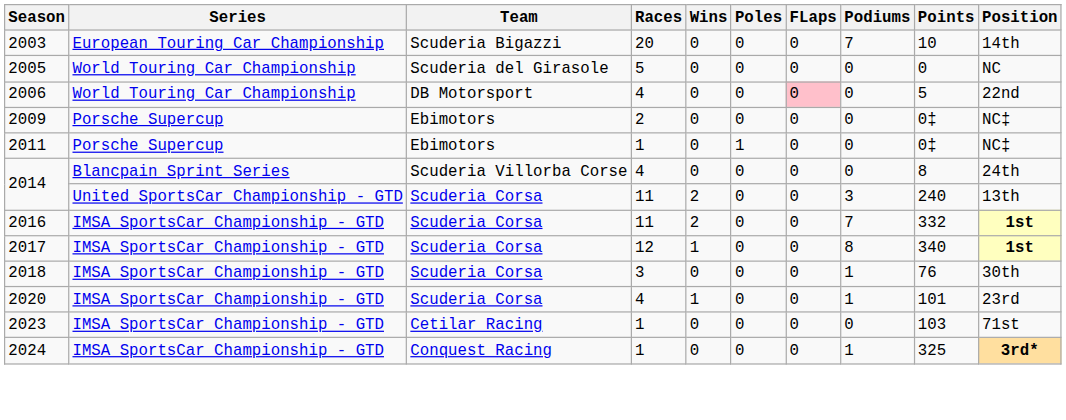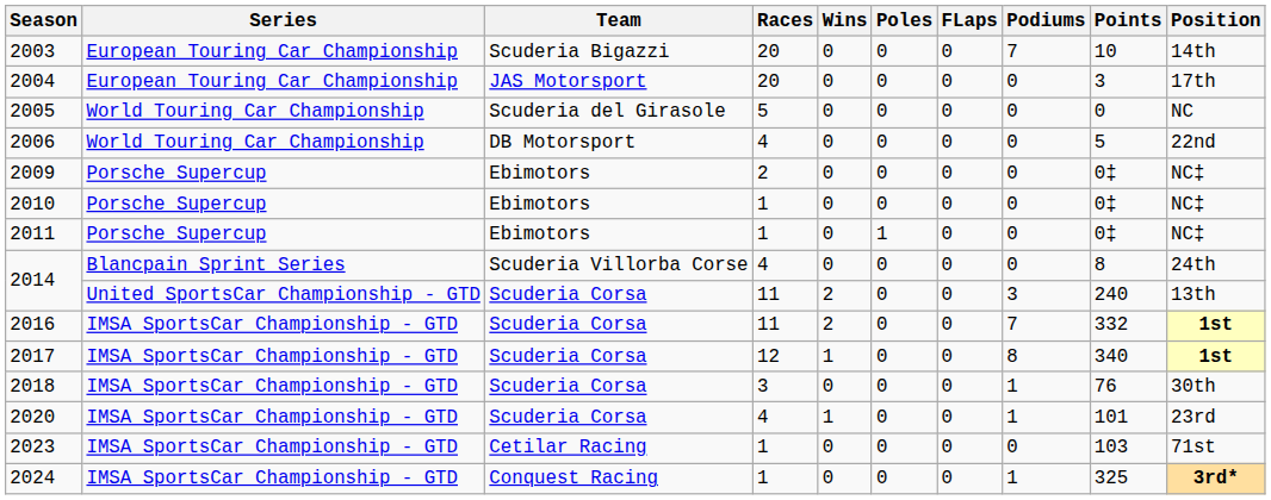 <table class="wikitable">
 <tr>
 <th>Season</th>
 <th>Series</th>
 <th>Team</th>
 <th>Races</th>
 <th>Wins</th>
 <th>Poles</th>
 <th>FLaps</th>
 <th>Podiums</th>
 <th>Points</th>
 <th>Position</th>
 </tr>
 <tr>
 <td>2003</td>
 <td><a href='#'>European Touring Car Championship</a></td>
 <td>Scuderia Bigazzi</td>
 <td>20</td>
 <td>0</td>
 <td>0</td>
 <td>0</td>
 <td>7</td>
 <td>10</td>
 <td>14th</td>
 </tr>
 <tr>
+<td>2004</td>
+<td><a href='#'>European Touring Car Championship</a></td>
+<td><a href='#'>JAS Motorsport</a></td>
+<td>20</td>
+<td>0</td>
+<td>0</td>
+<td>0</td>
+<td>0</td>
+<td>3</td>
+<td>17th</td>
+</tr>
+<tr>
 <td>2005</td>
 <td><a href='#'>World Touring Car Championship</a></td>
 <td>Scuderia del Girasole</td>
 <td>5</td>
 <td>0</td>
 <td>0</td>
 <td>0</td>
 <td>0</td>
 <td>0</td>
 <td>NC</td>
 </tr>
 <tr>
 <td>2006</td>
 <td><a href='#'>World Touring Car Championship</a></td>
 <td>DB Motorsport</td>
 <td>4</td>
 <td>0</td>
 <td>0</td>
-<td style="background: pink;">0</td>
+<td>0</td>
 <td>0</td>
 <td>5</td>
 <td>22nd</td>
 </tr>
 <tr>
 <td>2009</td>
 <td><a href='#'>Porsche Supercup</a></td>
 <td>Ebimotors</td>
 <td>2</td>
+<td>0</td>
+<td>0</td>
+<td>0</td>
+<td>0</td>
+<td>0‡</td>
+<td>NC‡</td>
+</tr>
+<tr>
+<td>2010</td>
+<td><a href='#'>Porsche Supercup</a></td>
+<td>Ebimotors</td>
+<td>1</td>
 <td>0</td>
 <td>0</td>
 <td>0</td>
 <td>0</td>
 <td>0‡</td>
 <td>NC‡</td>
 </tr>
 <tr>
 <td>2011</td>
 <td><a href='#'>Porsche Supercup</a></td>
 <td>Ebimotors</td>
 <td>1</td>
 <td>0</td>
 <td>1</td>
 <td>0</td>
 <td>0</td>
 <td>0‡</td>
 <td>NC‡</td>
 </tr>
 <tr>
 <td rowspan="2">2014</td>
 <td><a href='#'>Blancpain Sprint Series</a></td>
 <td>Scuderia Villorba Corse</td>
 <td>4</td>
 <td>0</td>
 <td>0</td>
 <td>0</td>
 <td>0</td>
 <td>8</td>
 <td>24th</td>
 </tr>
 <tr>
 <td><a href='#'>United SportsCar Championship - GTD</a></td>
 <td><a href='#'>Scuderia Corsa</a></td>
 <td>11</td>
 <td>2</td>
 <td>0</td>
 <td>0</td>
 <td>3</td>
 <td>240</td>
 <td>13th</td>
 </tr>
 <tr>
 <td>2016</td>
 <td><a href='#'>IMSA SportsCar Championship - GTD</a></td>
 <td><a href='#'>Scuderia Corsa</a></td>
 <td>11</td>
 <td>2</td>
 <td>0</td>
 <td>0</td>
 <td>7</td>
 <td>332</td>
 <th style="background:#FFFFBF;”">1st</th>
 </tr>
 <tr>
 <td>2017</td>
 <td><a href='#'>IMSA SportsCar Championship - GTD</a></td>
 <td><a href='#'>Scuderia Corsa</a></td>
 <td>12</td>
 <td>1</td>
 <td>0</td>
 <td>0</td>
 <td>8</td>
 <td>340</td>
 <th style="background:#FFFFBF;”">1st</th>
 </tr>
 <tr>
 <td>2018</td>
 <td><a href='#'>IMSA SportsCar Championship - GTD</a></td>
 <td><a href='#'>Scuderia Corsa</a></td>
 <td>3</td>
 <td>0</td>
 <td>0</td>
 <td>0</td>
 <td>1</td>
 <td>76</td>
 <td>30th</td>
 </tr>
 <tr>
 <td>2020</td>
 <td><a href='#'>IMSA SportsCar Championship - GTD</a></td>
 <td><a href='#'>Scuderia Corsa</a></td>
 <td>4</td>
 <td>1</td>
 <td>0</td>
 <td>0</td>
 <td>1</td>
 <td>101</td>
 <td>23rd</td>
 </tr>
 <tr>
 <td>2023</td>
 <td><a href='#'>IMSA SportsCar Championship - GTD</a></td>
 <td><a href='#'>Cetilar Racing</a></td>
 <td>1</td>
 <td>0</td>
 <td>0</td>
 <td>0</td>
 <td>0</td>
 <td>103</td>
 <td>71st</td>
 </tr>
 <tr>
 <td>2024</td>
 <td><a href='#'>IMSA SportsCar Championship - GTD</a></td>
 <td><a href='#'>Conquest Racing</a></td>
 <td>1</td>
 <td>0</td>
 <td>0</td>
 <td>0</td>
 <td>1</td>
 <td>325</td>
 <th style="background:#FFDF9F;”">3rd*</th>
 </tr>
 </table>
